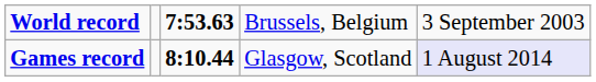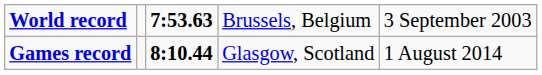 <table class="wikitable">
 <tr>
 <td><a href='#'><strong>World record</strong></a></td>
 <td></td>
 <td><strong>7:53.63</strong></td>
 <td><a href='#'>Brussels</a>, Belgium</td>
 <td>3 September 2003</td>
 </tr>
 <tr>
 <td><a href='#'><strong>Games record</strong></a></td>
 <td></td>
 <td><strong>8:10.44</strong></td>
 <td><a href='#'>Glasgow</a>, Scotland</td>
-<td style="background: lavender;">1 August 2014</td>
+<td>1 August 2014</td>
 </tr>
 </table>
